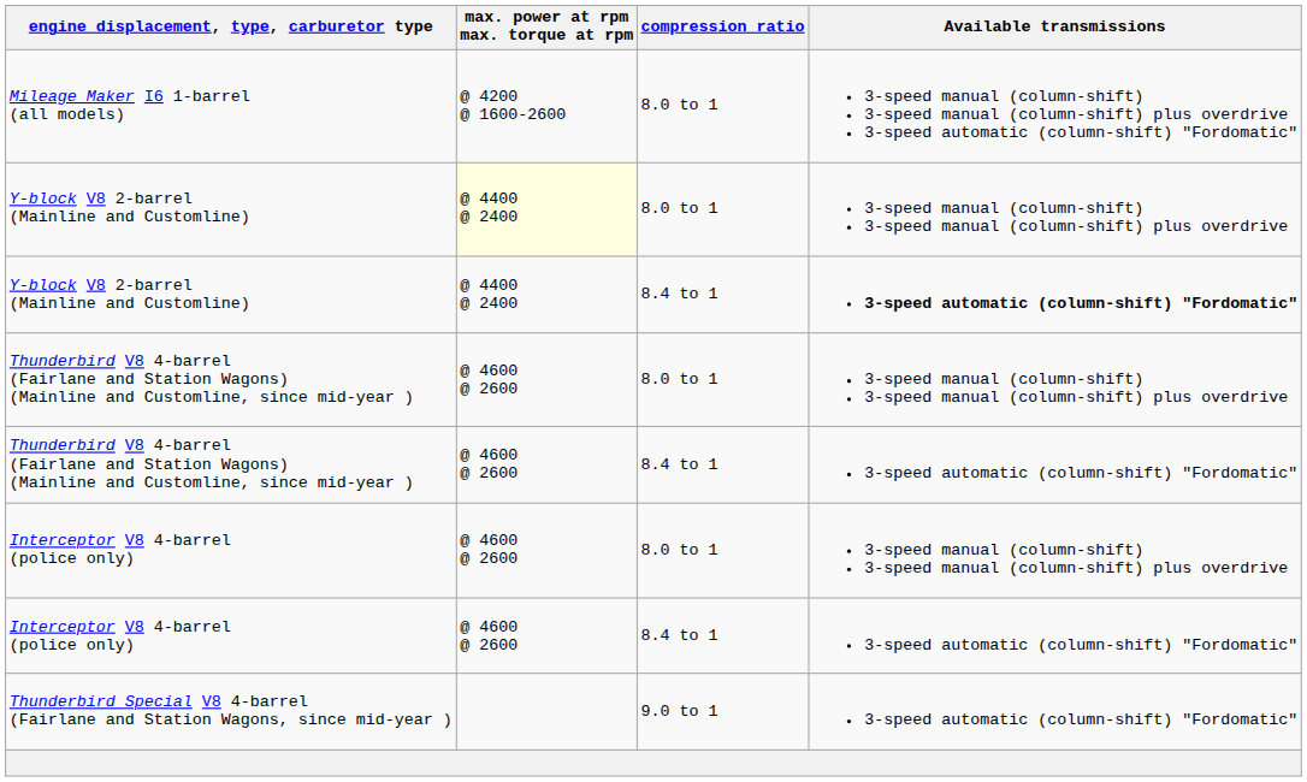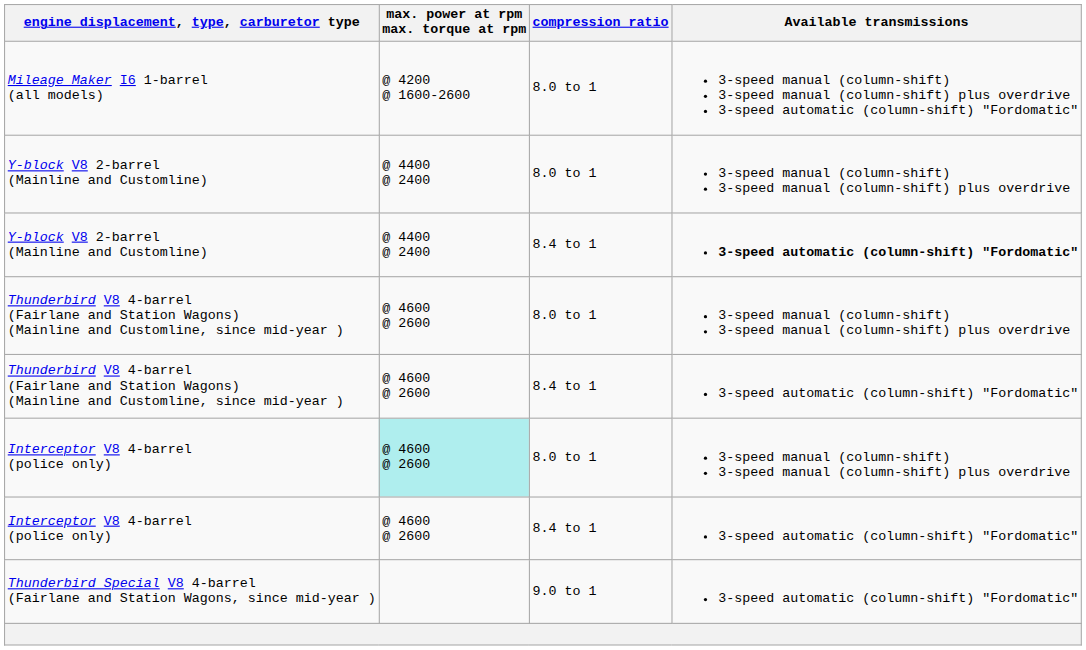 <table class="wikitable" style="font-size:95%;">
 <tr>
 <th><a href='#'>engine displacement</a>, <a href='#'>type</a>, <a href='#'>carburetor</a> type</th>
 <th>max. power at rpm<br>max. torque at rpm</th>
 <th><a href='#'>compression ratio</a></th>
 <th>Available transmissions</th>
 </tr>
 <tr>
 <td> <em><a href='#'>Mileage Maker</a></em> <a href='#'>I6</a> 1-barrel<br>(all models)</td>
 <td> @ 4200<br> @ 1600-2600</td>
 <td>8.0 to 1</td>
 <td><br><ul><li>3-speed manual (column-shift)</li><li>3-speed manual (column-shift) plus overdrive</li><li>3-speed automatic (column-shift) "Fordomatic"</li></ul></td>
 </tr>
 <tr>
 <td> <em><a href='#'>Y-block</a></em> <a href='#'>V8</a> 2-barrel<br>(Mainline and Customline)</td>
-<td style="background: lightyellow;"> @ 4400<br> @ 2400</td>
+<td> @ 4400<br> @ 2400</td>
 <td>8.0 to 1</td>
 <td><br><ul><li>3-speed manual (column-shift)</li><li>3-speed manual (column-shift) plus overdrive</li></ul></td>
 </tr>
 <tr>
 <td> <em><a href='#'>Y-block</a></em> <a href='#'>V8</a> 2-barrel<br>(Mainline and Customline)</td>
 <td> @ 4400<br> @ 2400</td>
 <td>8.4 to 1</td>
 <td><strong><br><ul><li>3-speed automatic (column-shift) "Fordomatic"</li></ul></strong></td>
 </tr>
 <tr>
 <td> <em><a href='#'>Thunderbird</a></em> <a href='#'>V8</a> 4-barrel<br>(Fairlane and Station Wagons)<br> (Mainline and Customline, since mid-year )</td>
 <td> @ 4600<br> @ 2600</td>
 <td>8.0 to 1</td>
 <td><br><ul><li>3-speed manual (column-shift)</li><li>3-speed manual (column-shift) plus overdrive</li></ul></td>
 </tr>
 <tr>
 <td> <em><a href='#'>Thunderbird</a></em> <a href='#'>V8</a> 4-barrel<br>(Fairlane and Station Wagons)<br> (Mainline and Customline, since mid-year )</td>
 <td> @ 4600<br> @ 2600</td>
 <td>8.4 to 1</td>
 <td><br><ul><li>3-speed automatic (column-shift) "Fordomatic"</li></ul></td>
 </tr>
 <tr>
 <td>  <em><a href='#'>Interceptor</a></em> <a href='#'>V8</a> 4-barrel<br>(police only)</td>
-<td> @ 4600<br> @ 2600</td>
+<td style="background: paleturquoise;"> @ 4600<br> @ 2600</td>
 <td>8.0 to 1</td>
 <td><br><ul><li>3-speed manual (column-shift)</li><li>3-speed manual (column-shift) plus overdrive</li></ul></td>
 </tr>
 <tr>
 <td>  <em><a href='#'>Interceptor</a></em> <a href='#'>V8</a> 4-barrel<br>(police only)</td>
 <td> @ 4600<br> @ 2600</td>
 <td>8.4 to 1</td>
 <td><br><ul><li>3-speed automatic (column-shift) "Fordomatic"</li></ul></td>
 </tr>
 <tr>
 <td>  <em><a href='#'>Thunderbird Special</a></em> <a href='#'>V8</a> 4-barrel<br>(Fairlane and Station Wagons, since mid-year )</td>
 <td></td>
 <td>9.0 to 1</td>
 <td><br><ul><li>3-speed automatic (column-shift) "Fordomatic"</li></ul></td>
 </tr>
 <tr>
 <th colspan="4"><br></th>
 </tr>
 </table>
